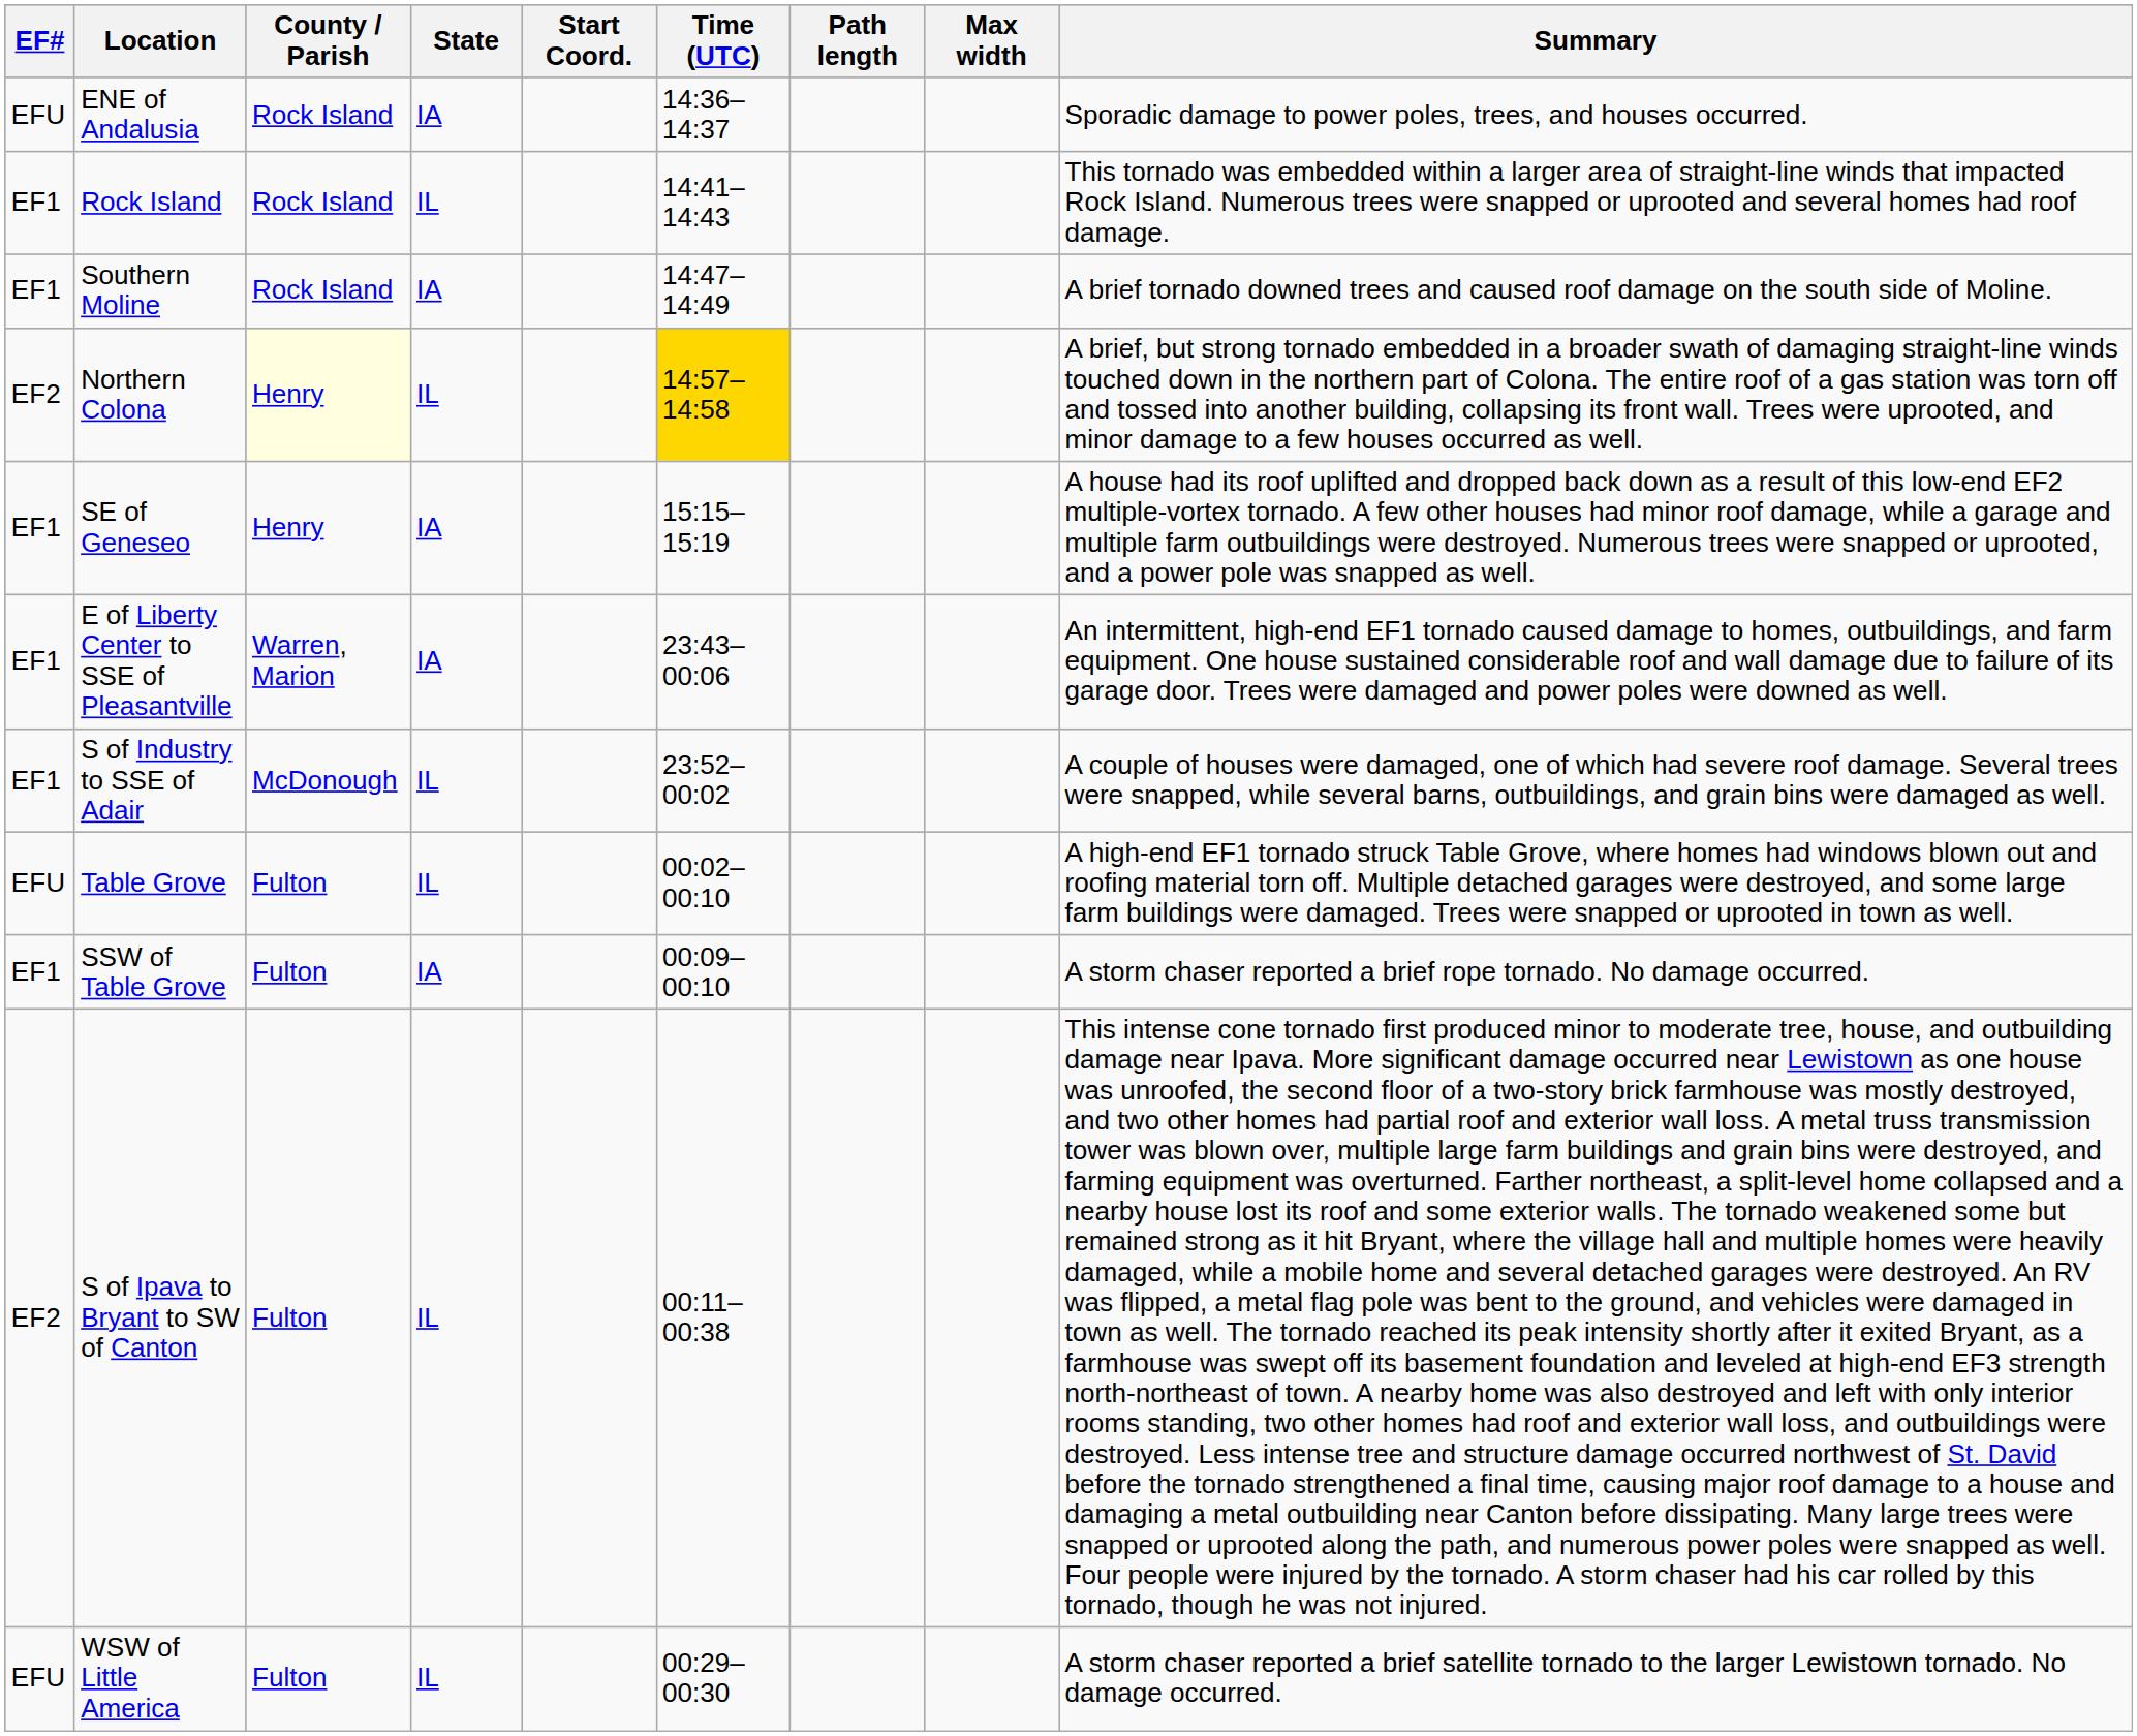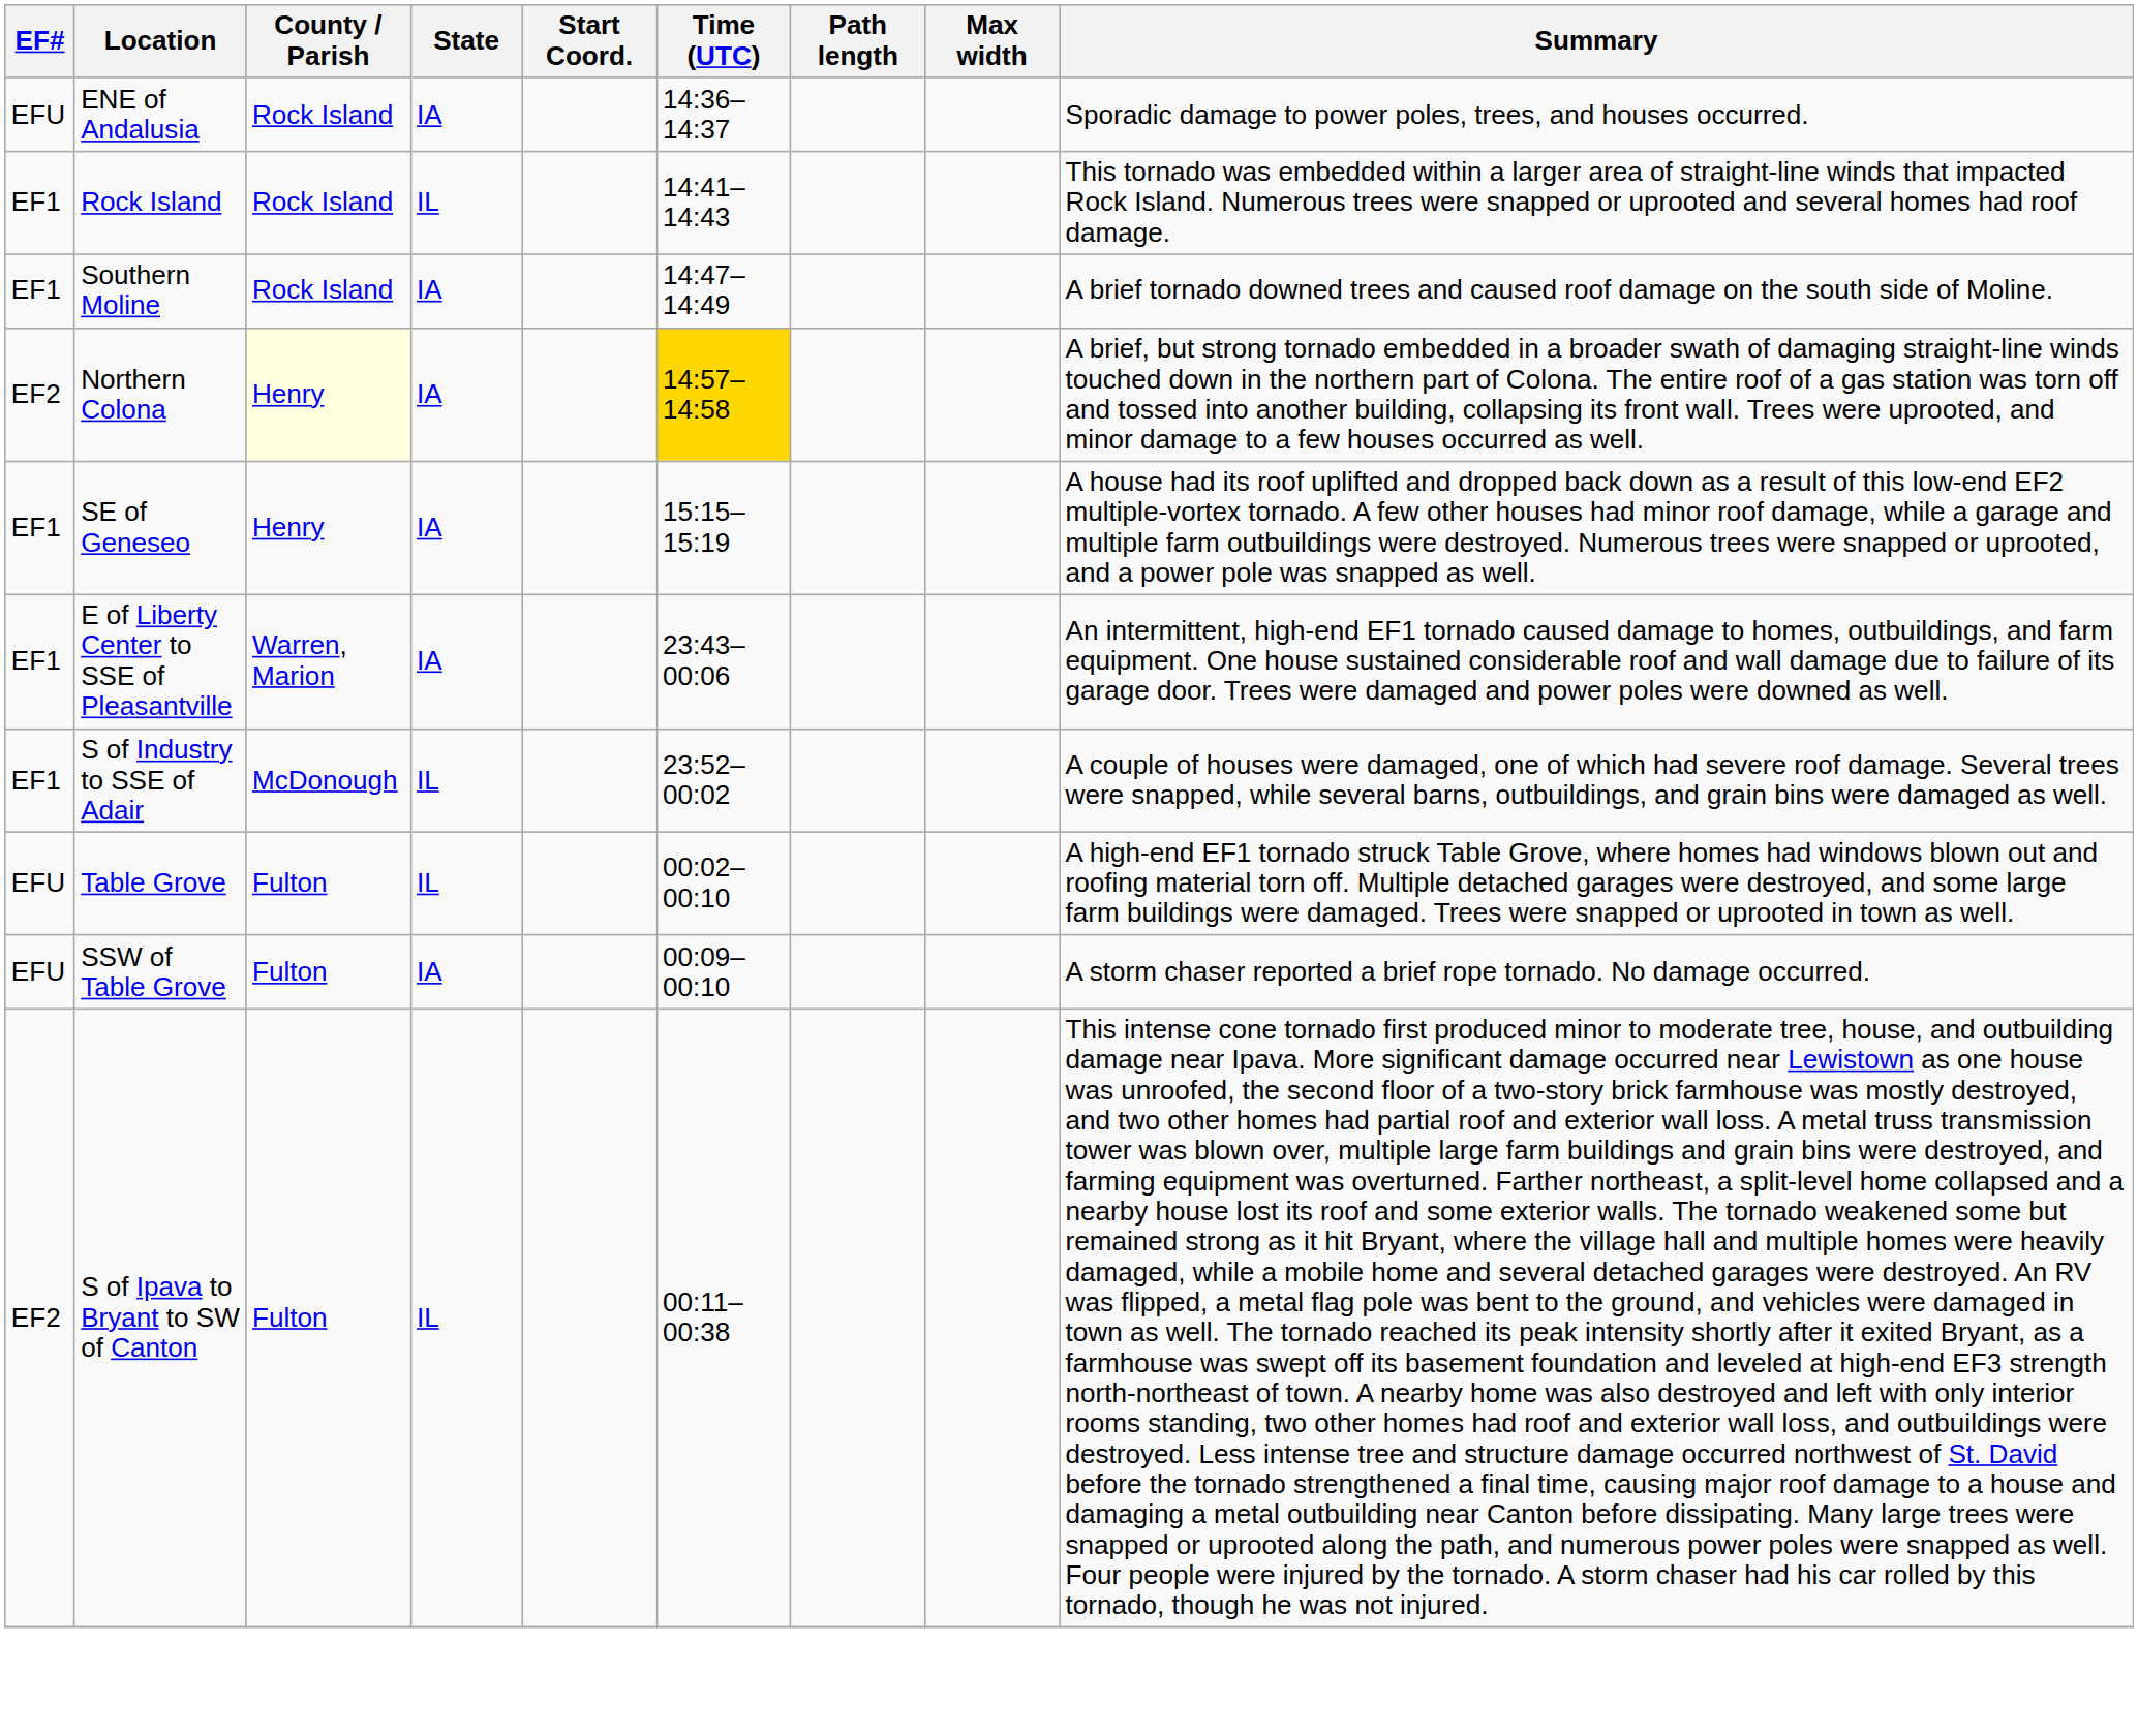 <table class="wikitable sortable" style="width:100%;">
 <tr>
 <th scope="col"  style="width:3%; text-align:center;"><a href='#'>EF#</a></th>
 <th scope="col"  style="width:7%; text-align:center;" class="unsortable">Location</th>
 <th scope="col"  style="width:6%; text-align:center;" class="unsortable">County / Parish</th>
 <th scope="col"  style="width:5%; text-align:center;">State</th>
 <th scope="col"  style="width:6%; text-align:center;">Start Coord.</th>
 <th scope="col"  style="width:6%; text-align:center;">Time (<a href='#'>UTC</a>)</th>
 <th scope="col"  style="width:6%; text-align:center;">Path length</th>
 <th scope="col"  style="width:6%; text-align:center;">Max width</th>
 <th scope="col" class="unsortable" style="width:48%; text-align:center;">Summary</th>
 </tr>
 <tr>
 <td>EFU</td>
 <td>ENE of <a href='#'>Andalusia</a></td>
 <td><a href='#'>Rock Island</a></td>
 <td><a href='#'>IA</a></td>
 <td></td>
 <td>14:36–14:37</td>
 <td></td>
 <td></td>
 <td>Sporadic damage to power poles, trees, and houses occurred.</td>
 </tr>
 <tr>
 <td>EF1</td>
 <td><a href='#'>Rock Island</a></td>
 <td><a href='#'>Rock Island</a></td>
 <td><a href='#'>IL</a></td>
 <td></td>
 <td>14:41–14:43</td>
 <td></td>
 <td></td>
 <td>This tornado was embedded within a larger area of straight-line winds that impacted Rock Island. Numerous trees were snapped or uprooted and several homes had roof damage.</td>
 </tr>
 <tr>
 <td>EF1</td>
 <td>Southern <a href='#'>Moline</a></td>
 <td><a href='#'>Rock Island</a></td>
 <td><a href='#'>IA</a></td>
 <td></td>
 <td>14:47–14:49</td>
 <td></td>
 <td></td>
 <td>A brief tornado downed trees and caused roof damage on the south side of Moline.</td>
 </tr>
 <tr>
 <td>EF2</td>
 <td>Northern <a href='#'>Colona</a></td>
 <td style="background: lightyellow;"><a href='#'>Henry</a></td>
-<td><a href='#'>IL</a></td>
+<td><a href='#'>IA</a></td>
 <td></td>
 <td style="background: gold;">14:57–14:58</td>
 <td></td>
 <td></td>
 <td>A brief, but strong tornado embedded in a broader swath of damaging straight-line winds touched down in the northern part of Colona. The entire roof of a gas station was torn off and tossed into another building, collapsing its front wall. Trees were uprooted, and minor damage to a few houses occurred as well.</td>
 </tr>
 <tr>
 <td>EF1</td>
 <td>SE of <a href='#'>Geneseo</a></td>
 <td><a href='#'>Henry</a></td>
 <td><a href='#'>IA</a></td>
 <td></td>
 <td>15:15–15:19</td>
 <td></td>
 <td></td>
 <td>A house had its roof uplifted and dropped back down as a result of this low-end EF2 multiple-vortex tornado. A few other houses had minor roof damage, while a garage and multiple farm outbuildings were destroyed. Numerous trees were snapped or uprooted, and a power pole was snapped as well.</td>
 </tr>
 <tr>
 <td>EF1</td>
 <td>E of <a href='#'>Liberty Center</a> to SSE of <a href='#'>Pleasantville</a></td>
 <td><a href='#'>Warren</a>, <a href='#'>Marion</a></td>
 <td><a href='#'>IA</a></td>
 <td></td>
 <td>23:43–00:06</td>
 <td></td>
 <td></td>
 <td>An intermittent, high-end EF1 tornado caused damage to homes, outbuildings, and farm equipment. One house sustained considerable roof and wall damage due to failure of its garage door. Trees were damaged and power poles were downed as well.</td>
 </tr>
 <tr>
 <td>EF1</td>
 <td>S of <a href='#'>Industry</a> to SSE of <a href='#'>Adair</a></td>
 <td><a href='#'>McDonough</a></td>
 <td><a href='#'>IL</a></td>
 <td></td>
 <td>23:52–00:02</td>
 <td></td>
 <td></td>
 <td>A couple of houses were damaged, one of which had severe roof damage. Several trees were snapped, while several barns, outbuildings, and grain bins were damaged as well.</td>
 </tr>
 <tr>
 <td>EFU</td>
 <td><a href='#'>Table Grove</a></td>
 <td><a href='#'>Fulton</a></td>
 <td><a href='#'>IL</a></td>
 <td></td>
 <td>00:02–00:10</td>
 <td></td>
 <td></td>
 <td>A high-end EF1 tornado struck Table Grove, where homes had windows blown out and roofing material torn off. Multiple detached garages were destroyed, and some large farm buildings were damaged. Trees were snapped or uprooted in town as well.</td>
 </tr>
 <tr>
-<td>EF1</td>
+<td>EFU</td>
 <td>SSW of <a href='#'>Table Grove</a></td>
 <td><a href='#'>Fulton</a></td>
 <td><a href='#'>IA</a></td>
 <td></td>
 <td>00:09–00:10</td>
 <td></td>
 <td></td>
 <td>A storm chaser reported a brief rope tornado. No damage occurred.</td>
 </tr>
 <tr>
 <td>EF2</td>
 <td>S of <a href='#'>Ipava</a> to <a href='#'>Bryant</a> to SW of <a href='#'>Canton</a></td>
 <td><a href='#'>Fulton</a></td>
 <td><a href='#'>IL</a></td>
 <td></td>
 <td>00:11–00:38</td>
 <td></td>
 <td></td>
 <td>This intense cone tornado first produced minor to moderate tree, house, and outbuilding damage near Ipava. More significant damage occurred near <a href='#'>Lewistown</a> as one house was unroofed, the second floor of a two-story brick farmhouse was mostly destroyed, and two other homes had partial roof and exterior wall loss. A metal truss transmission tower was blown over, multiple large farm buildings and grain bins were destroyed, and farming equipment was overturned. Farther northeast, a split-level home collapsed and a nearby house lost its roof and some exterior walls. The tornado weakened some but remained strong as it hit Bryant, where the village hall and multiple homes were heavily damaged, while a mobile home and several detached garages were destroyed. An RV was flipped, a metal flag pole was bent to the ground, and vehicles were damaged in town as well. The tornado reached its peak intensity shortly after it exited Bryant, as a farmhouse was swept off its basement foundation and leveled at high-end EF3 strength north-northeast of town. A nearby home was also destroyed and left with only interior rooms standing, two other homes had roof and exterior wall loss, and outbuildings were destroyed. Less intense tree and structure damage occurred northwest of <a href='#'>St. David</a> before the tornado strengthened a final time, causing major roof damage to a house and damaging a metal outbuilding near Canton before dissipating. Many large trees were snapped or uprooted along the path, and numerous power poles were snapped as well. Four people were injured by the tornado. A storm chaser had his car rolled by this tornado, though he was not injured.</td>
 </tr>
 <tr>
-<td>EFU</td>
-<td>WSW of <a href='#'>Little America</a></td>
-<td><a href='#'>Fulton</a></td>
-<td><a href='#'>IL</a></td>
-<td></td>
-<td>00:29–00:30</td>
-<td></td>
-<td></td>
-<td>A storm chaser reported a brief satellite tornado to the larger Lewistown tornado. No damage occurred.</td>
-</tr>
-<tr>
 </tr>
 </table>
